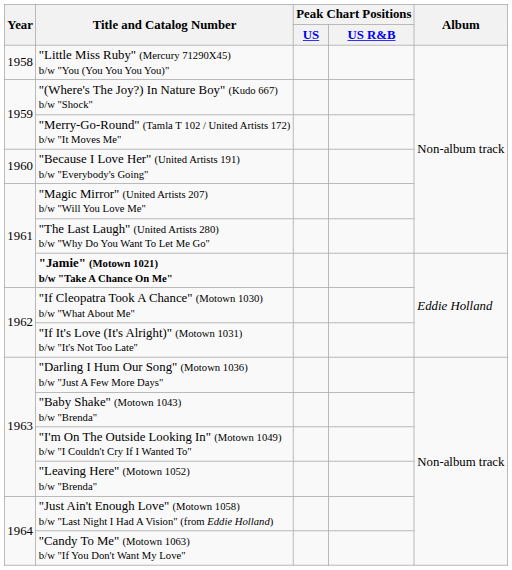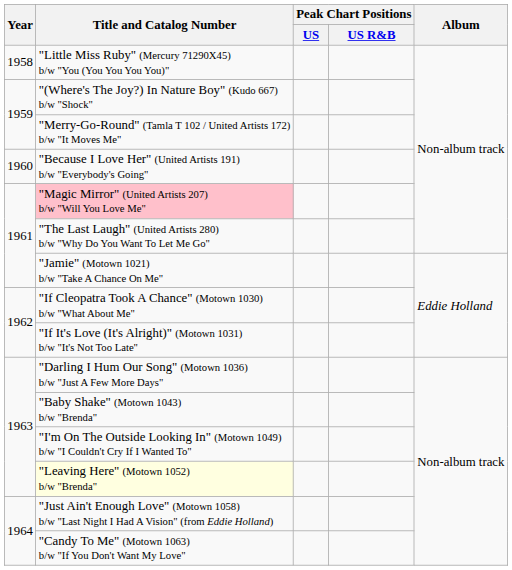 <table class="wikitable">
 <tr>
 <th rowspan="2">Year</th>
 <th rowspan="2">Title and Catalog Number</th>
 <th colspan="2">Peak Chart Positions</th>
 <th rowspan="2">Album</th>
 </tr>
 <tr>
 <th><a href='#'>US</a></th>
 <th><a href='#'>US R&B</a></th>
 </tr>
 <tr>
 <td>1958</td>
 <td>"Little Miss Ruby" <small>(Mercury 71290X45)</small><br><small>b/w "You (You You You You)"</small></td>
 <td></td>
 <td></td>
 <td rowspan="6">Non-album track</td>
 </tr>
 <tr>
 <td rowspan="2">1959</td>
 <td>"(Where's The Joy?) In Nature Boy" <small>(Kudo 667)</small><br><small>b/w "Shock"</small></td>
 <td></td>
 <td></td>
 </tr>
 <tr>
 <td>"Merry-Go-Round" <small>(Tamla T 102 / United Artists 172)</small><br><small>b/w "It Moves Me"</small></td>
 <td></td>
 <td></td>
 </tr>
 <tr>
 <td>1960</td>
 <td>"Because I Love Her" <small>(United Artists 191)</small><br><small>b/w "Everybody's Going"</small></td>
 <td></td>
 <td></td>
 </tr>
 <tr>
 <td rowspan="3">1961</td>
-<td>"Magic Mirror" <small>(United Artists 207)</small><br><small>b/w "Will You Love Me"</small></td>
+<td style="background: pink;">"Magic Mirror" <small>(United Artists 207)</small><br><small>b/w "Will You Love Me"</small></td>
 <td></td>
 <td></td>
 </tr>
 <tr>
 <td>"The Last Laugh" <small>(United Artists 280)</small><br><small>b/w "Why Do You Want To Let Me Go"</small></td>
 <td></td>
 <td></td>
 </tr>
 <tr>
-<td><strong>"Jamie" <small>(Motown 1021)</small><br><small>b/w "Take A Chance On Me"</small></strong></td>
+<td>"Jamie" <small>(Motown 1021)</small><br><small>b/w "Take A Chance On Me"</small></td>
 <td></td>
 <td></td>
 <td rowspan="3"><em>Eddie Holland</em></td>
 </tr>
 <tr>
 <td rowspan="2">1962</td>
 <td>"If Cleopatra Took A Chance" <small>(Motown 1030)</small><br><small>b/w "What About Me"</small></td>
 <td></td>
 <td></td>
 </tr>
 <tr>
 <td>"If It's Love (It's Alright)" <small>(Motown 1031)</small><br><small>b/w "It's Not Too Late"</small></td>
 <td></td>
 <td></td>
 </tr>
 <tr>
 <td rowspan="4">1963</td>
 <td>"Darling I Hum Our Song" <small>(Motown 1036)</small><br><small>b/w "Just A Few More Days"</small></td>
 <td></td>
 <td></td>
 <td rowspan="6">Non-album track</td>
 </tr>
 <tr>
 <td>"Baby Shake" <small>(Motown 1043)</small><br><small>b/w "Brenda"</small></td>
 <td></td>
 <td></td>
 </tr>
 <tr>
 <td>"I'm On The Outside Looking In" <small>(Motown 1049)</small><br><small>b/w "I Couldn't Cry If I Wanted To"</small></td>
 <td></td>
 <td></td>
 </tr>
 <tr>
-<td>"Leaving Here" <small>(Motown 1052)</small><br><small>b/w "Brenda"</small></td>
+<td style="background: lightyellow;">"Leaving Here" <small>(Motown 1052)</small><br><small>b/w "Brenda"</small></td>
 <td></td>
 <td></td>
 </tr>
 <tr>
 <td rowspan="2">1964</td>
 <td>"Just Ain't Enough Love" <small>(Motown 1058)</small><br><small>b/w "Last Night I Had A Vision" (from <em>Eddie Holland</em>)</small></td>
 <td></td>
 <td></td>
 </tr>
 <tr>
 <td>"Candy To Me" <small>(Motown 1063)</small><br><small>b/w "If You Don't Want My Love"</small></td>
 <td></td>
 <td></td>
 </tr>
 </table>
